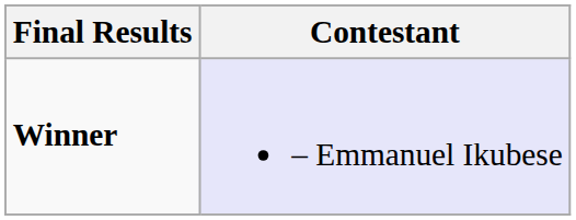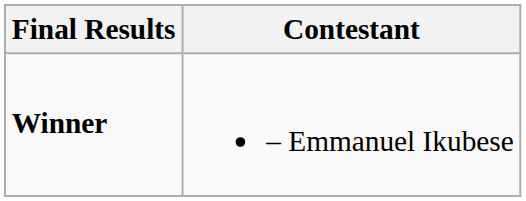 <table class="wikitable sortable" style="font-size:95%;">
 <tr>
 <th>Final Results</th>
 <th>Contestant</th>
 </tr>
 <tr>
 <td><strong>Winner</strong></td>
-<td style="background: lavender;"><br><ul><li><strong></strong> – Emmanuel Ikubese</li></ul></td>
+<td><br><ul><li><strong></strong> – Emmanuel Ikubese</li></ul></td>
 </tr>
 </table>
